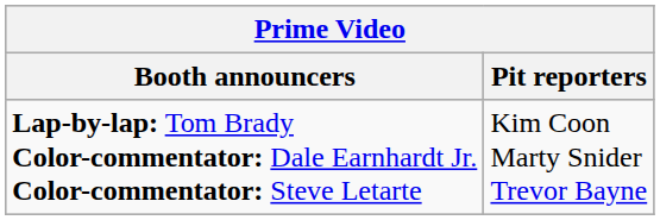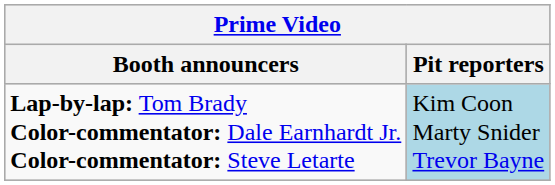 <table class="wikitable" style="font-size: 95%">
 <tr>
 <th colspan="3"><a href='#'>Prime Video</a></th>
 </tr>
 <tr>
 <th>Booth announcers</th>
 <th>Pit reporters</th>
 </tr>
 <tr>
 <td><strong>Lap-by-lap:</strong> <a href='#'>Tom Brady</a><br><strong>Color-commentator:</strong> <a href='#'>Dale Earnhardt Jr.</a><br><strong>Color-commentator:</strong> <a href='#'>Steve Letarte</a></td>
-<td>Kim Coon<br>Marty Snider<br><a href='#'>Trevor Bayne</a></td>
+<td style="background: lightblue;">Kim Coon<br>Marty Snider<br><a href='#'>Trevor Bayne</a></td>
 </tr>
 </table>
